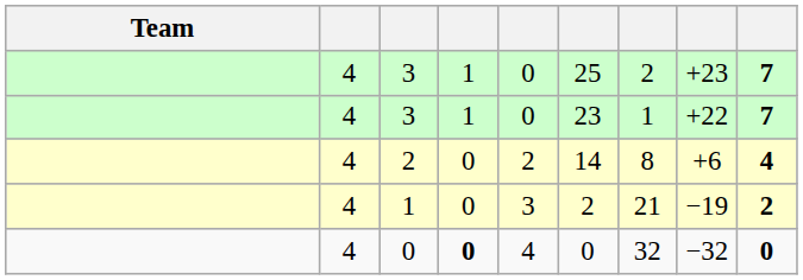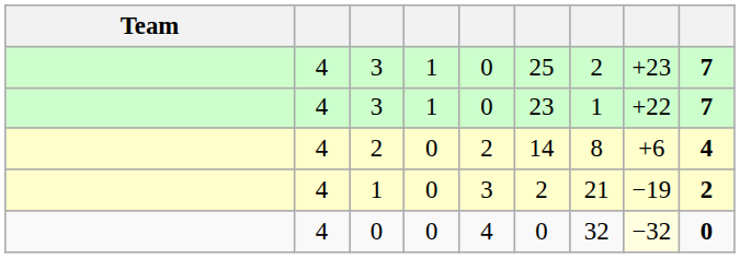 <table class="wikitable" style="text-align: center; font-size:90% ">
 <tr>
 <th width=160>Team</th>
 <th width=25></th>
 <th width=25></th>
 <th width=25></th>
 <th width=25></th>
 <th width=25></th>
 <th width=25></th>
 <th width=25></th>
 <th width=25></th>
 </tr>
 <tr bgcolor="ccffcc">
 <td align=left></td>
 <td>4</td>
 <td>3</td>
 <td>1</td>
 <td>0</td>
 <td>25</td>
 <td>2</td>
 <td>+23</td>
 <td><strong>7</strong></td>
 </tr>
 <tr bgcolor="ccffcc">
 <td align=left></td>
 <td>4</td>
 <td>3</td>
 <td>1</td>
 <td>0</td>
 <td>23</td>
 <td>1</td>
 <td>+22</td>
 <td><strong>7</strong></td>
 </tr>
 <tr bgcolor="ffffcc">
 <td align=left></td>
 <td>4</td>
 <td>2</td>
 <td>0</td>
 <td>2</td>
 <td>14</td>
 <td>8</td>
 <td>+6</td>
 <td><strong>4</strong></td>
 </tr>
 <tr bgcolor="ffffcc">
 <td align=left></td>
 <td>4</td>
 <td>1</td>
 <td>0</td>
 <td>3</td>
 <td>2</td>
 <td>21</td>
 <td>−19</td>
 <td><strong>2</strong></td>
 </tr>
 <tr>
 <td align=left></td>
 <td>4</td>
 <td>0</td>
-<td><strong>0</strong></td>
+<td>0</td>
 <td>4</td>
 <td>0</td>
 <td>32</td>
-<td>−32</td>
+<td style="background: lightyellow;">−32</td>
 <td><strong>0</strong></td>
 </tr>
 </table>
